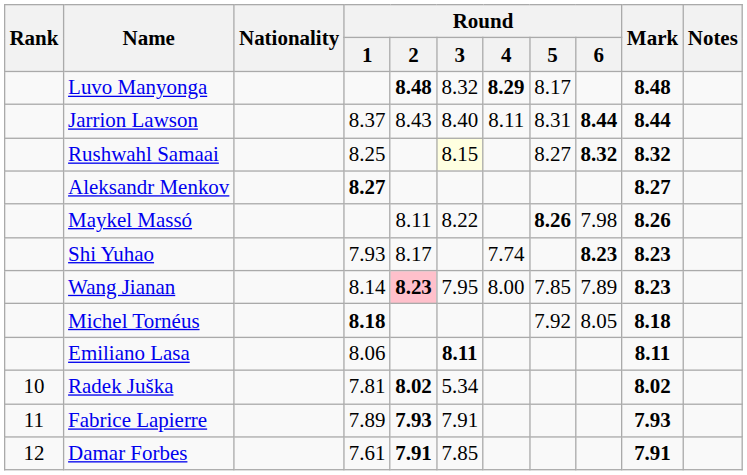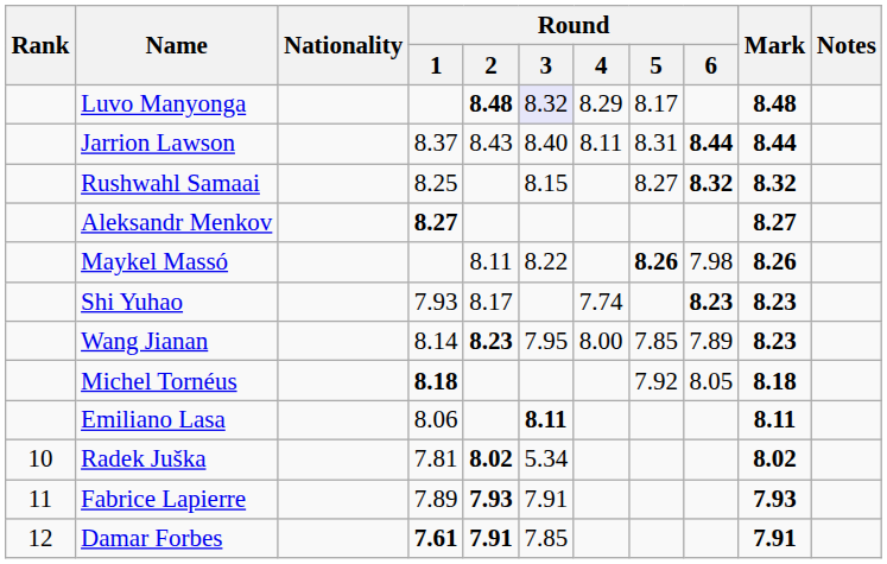 <table class="wikitable sortable" style="text-align:center">
 <tr>
 <th rowspan=2>Rank</th>
 <th rowspan=2>Name</th>
 <th rowspan=2>Nationality</th>
 <th colspan=6>Round</th>
 <th rowspan=2>Mark</th>
 <th rowspan=2>Notes</th>
 </tr>
 <tr>
 <th>1</th>
 <th>2</th>
 <th>3</th>
 <th>4</th>
 <th>5</th>
 <th>6</th>
 </tr>
 <tr>
 <td></td>
 <td align=left><a href='#'>Luvo Manyonga</a></td>
 <td align=left></td>
 <td></td>
 <td><strong>8.48</strong></td>
-<td>8.32</td>
-<td><strong>8.29</strong></td>
+<td style="background: lavender;">8.32</td>
+<td>8.29</td>
 <td>8.17</td>
 <td></td>
 <td><strong>8.48</strong></td>
 <td></td>
 </tr>
 <tr>
 <td></td>
 <td align=left><a href='#'>Jarrion Lawson</a></td>
 <td align=left></td>
 <td>8.37</td>
 <td>8.43</td>
 <td>8.40</td>
 <td>8.11</td>
 <td>8.31</td>
 <td><strong>8.44</strong></td>
 <td><strong>8.44</strong></td>
 <td></td>
 </tr>
 <tr>
 <td></td>
 <td align=left><a href='#'>Rushwahl Samaai</a></td>
 <td align=left></td>
 <td>8.25</td>
 <td></td>
-<td style="background: lightyellow;">8.15</td>
+<td>8.15</td>
 <td></td>
 <td>8.27</td>
 <td><strong>8.32</strong></td>
 <td><strong>8.32</strong></td>
 <td></td>
 </tr>
 <tr>
 <td></td>
 <td align=left><a href='#'>Aleksandr Menkov</a></td>
 <td align=left></td>
 <td><strong>8.27</strong></td>
 <td></td>
 <td></td>
 <td></td>
 <td></td>
 <td></td>
 <td><strong>8.27</strong></td>
 <td></td>
 </tr>
 <tr>
 <td></td>
 <td align=left><a href='#'>Maykel Massó</a></td>
 <td align=left></td>
 <td></td>
 <td>8.11</td>
 <td>8.22</td>
 <td></td>
 <td><strong>8.26</strong></td>
 <td>7.98</td>
 <td><strong>8.26</strong></td>
 <td></td>
 </tr>
 <tr>
 <td></td>
 <td align=left><a href='#'>Shi Yuhao</a></td>
 <td align=left></td>
 <td>7.93</td>
 <td>8.17</td>
 <td></td>
 <td>7.74</td>
 <td></td>
 <td><strong>8.23</strong></td>
 <td><strong>8.23</strong></td>
 <td></td>
 </tr>
 <tr>
 <td></td>
 <td align=left><a href='#'>Wang Jianan</a></td>
 <td align=left></td>
 <td>8.14</td>
-<td style="background: pink;"><strong>8.23</strong></td>
+<td><strong>8.23</strong></td>
 <td>7.95</td>
 <td>8.00</td>
 <td>7.85</td>
 <td>7.89</td>
 <td><strong>8.23</strong></td>
 <td></td>
 </tr>
 <tr>
 <td></td>
 <td align=left><a href='#'>Michel Tornéus</a></td>
 <td align=left></td>
 <td><strong>8.18</strong></td>
 <td></td>
 <td></td>
 <td></td>
 <td>7.92</td>
 <td>8.05</td>
 <td><strong>8.18</strong></td>
 <td></td>
 </tr>
 <tr>
 <td></td>
 <td align=left><a href='#'>Emiliano Lasa</a></td>
 <td align=left></td>
 <td>8.06</td>
 <td></td>
 <td><strong>8.11</strong></td>
 <td></td>
 <td></td>
 <td></td>
 <td><strong>8.11</strong></td>
 <td></td>
 </tr>
 <tr>
 <td>10</td>
 <td align=left><a href='#'>Radek Juška</a></td>
 <td align=left></td>
 <td>7.81</td>
 <td><strong>8.02</strong></td>
 <td>5.34</td>
 <td></td>
 <td></td>
 <td></td>
 <td><strong>8.02</strong></td>
 <td></td>
 </tr>
 <tr>
 <td>11</td>
 <td align=left><a href='#'>Fabrice Lapierre</a></td>
 <td align=left></td>
 <td>7.89</td>
 <td><strong>7.93</strong></td>
 <td>7.91</td>
 <td></td>
 <td></td>
 <td></td>
 <td><strong>7.93</strong></td>
 <td></td>
 </tr>
 <tr>
 <td>12</td>
 <td align=left><a href='#'>Damar Forbes</a></td>
 <td align=left></td>
-<td>7.61</td>
+<td><strong>7.61</strong></td>
 <td><strong>7.91</strong></td>
 <td>7.85</td>
 <td></td>
 <td></td>
 <td></td>
 <td><strong>7.91</strong></td>
 <td></td>
 </tr>
 </table>
